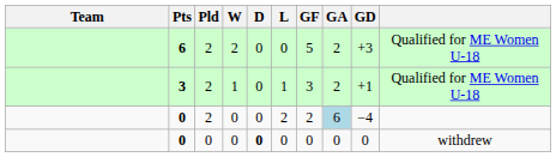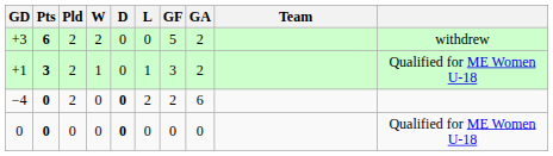 <table class="wikitable" style="text-align:center;">
 <tr>
-<th width=175>Team</th>
+<th width=20 abbr="Goal difference">GD</th>
 <th width=20 abbr="Points">Pts</th>
 <th width=20 abbr="Played">Pld</th>
 <th width=20 abbr="Won">W</th>
 <th width=20 abbr="Drawn">D</th>
 <th width=20 abbr="Lost">L</th>
 <th width=20 abbr="Goals for">GF</th>
 <th width=20 abbr="Goals against">GA</th>
-<th width=20 abbr="Goal difference">GD</th>
+<th width=175>Team</th>
 <th></th>
 </tr>
 <tr bgcolor="#ccffcc">
-<td style="text-align:left;"></td>
+<td>+3</td>
 <td><strong>6</strong></td>
 <td>2</td>
 <td>2</td>
 <td>0</td>
 <td>0</td>
 <td>5</td>
 <td>2</td>
-<td>+3</td>
-<td>Qualified for <a href='#'>ME Women U-18</a></td>
+<td style="text-align:left;"></td>
+<td>withdrew</td>
 </tr>
 <tr bgcolor="#ccffcc">
-<td style="text-align:left;"></td>
+<td>+1</td>
 <td><strong>3</strong></td>
 <td>2</td>
 <td>1</td>
 <td>0</td>
 <td>1</td>
 <td>3</td>
 <td>2</td>
-<td>+1</td>
+<td style="text-align:left;"></td>
 <td>Qualified for <a href='#'>ME Women U-18</a></td>
 </tr>
 <tr>
-<td style="text-align:left;"></td>
+<td>−4</td>
 <td><strong>0</strong></td>
 <td>2</td>
 <td>0</td>
-<td>0</td>
+<td><strong>0</strong></td>
 <td>2</td>
 <td>2</td>
-<td style="background: lightblue;">6</td>
-<td>−4</td>
+<td>6</td>
+<td style="text-align:left;"></td>
 <td></td>
 </tr>
 <tr>
-<td style="text-align:left;"></td>
+<td>0</td>
 <td><strong>0</strong></td>
 <td>0</td>
 <td>0</td>
 <td><strong>0</strong></td>
 <td>0</td>
 <td>0</td>
 <td>0</td>
-<td>0</td>
-<td>withdrew</td>
+<td style="text-align:left;"></td>
+<td>Qualified for <a href='#'>ME Women U-18</a></td>
 </tr>
 </table>
